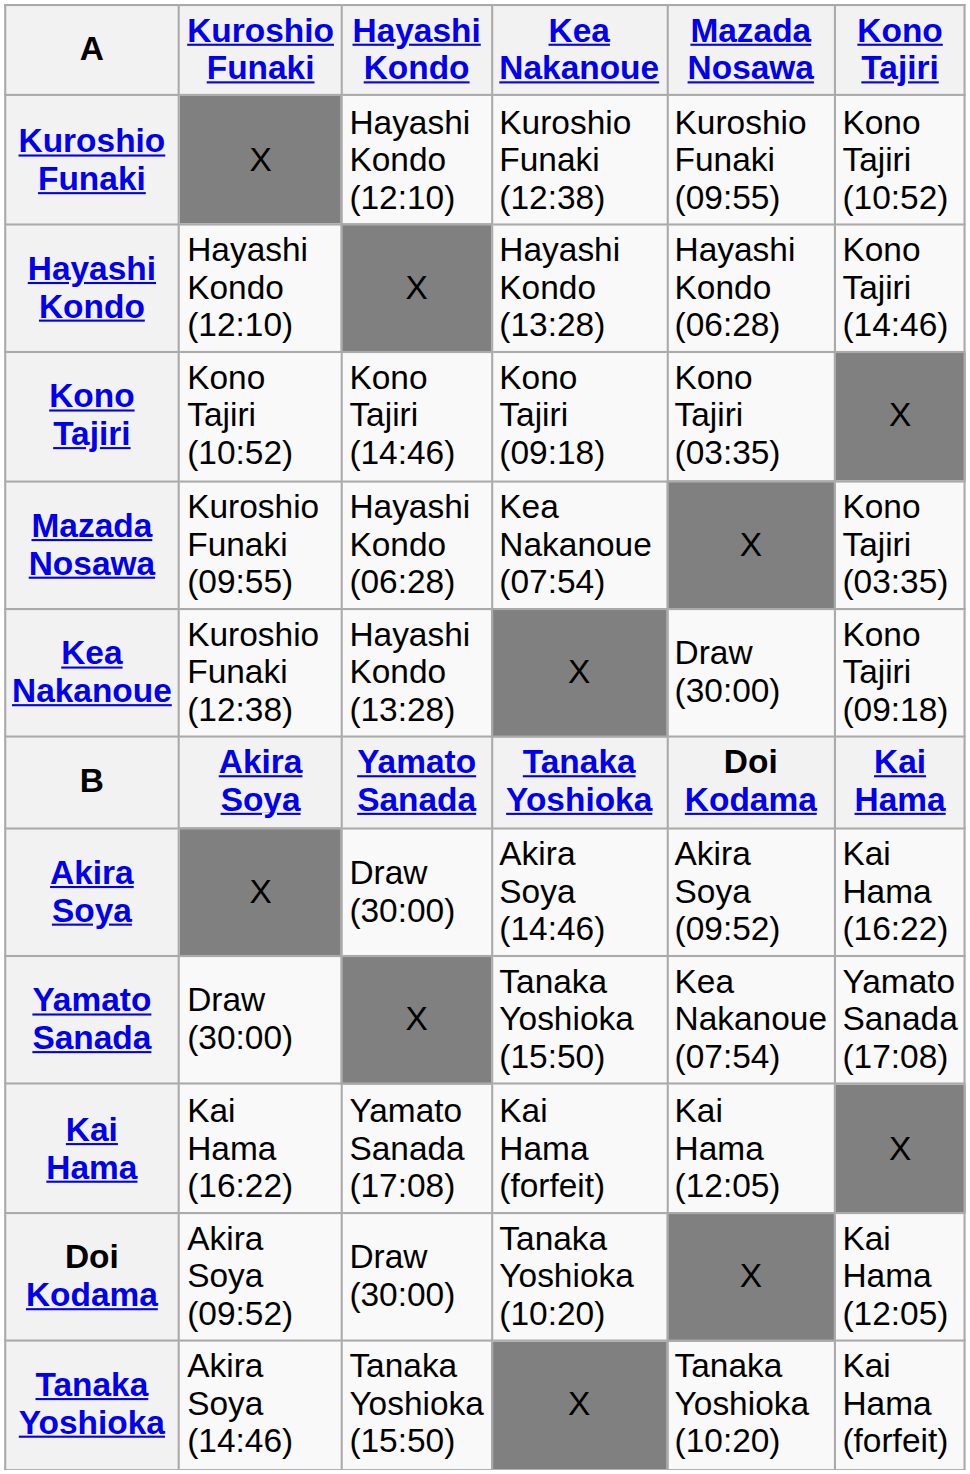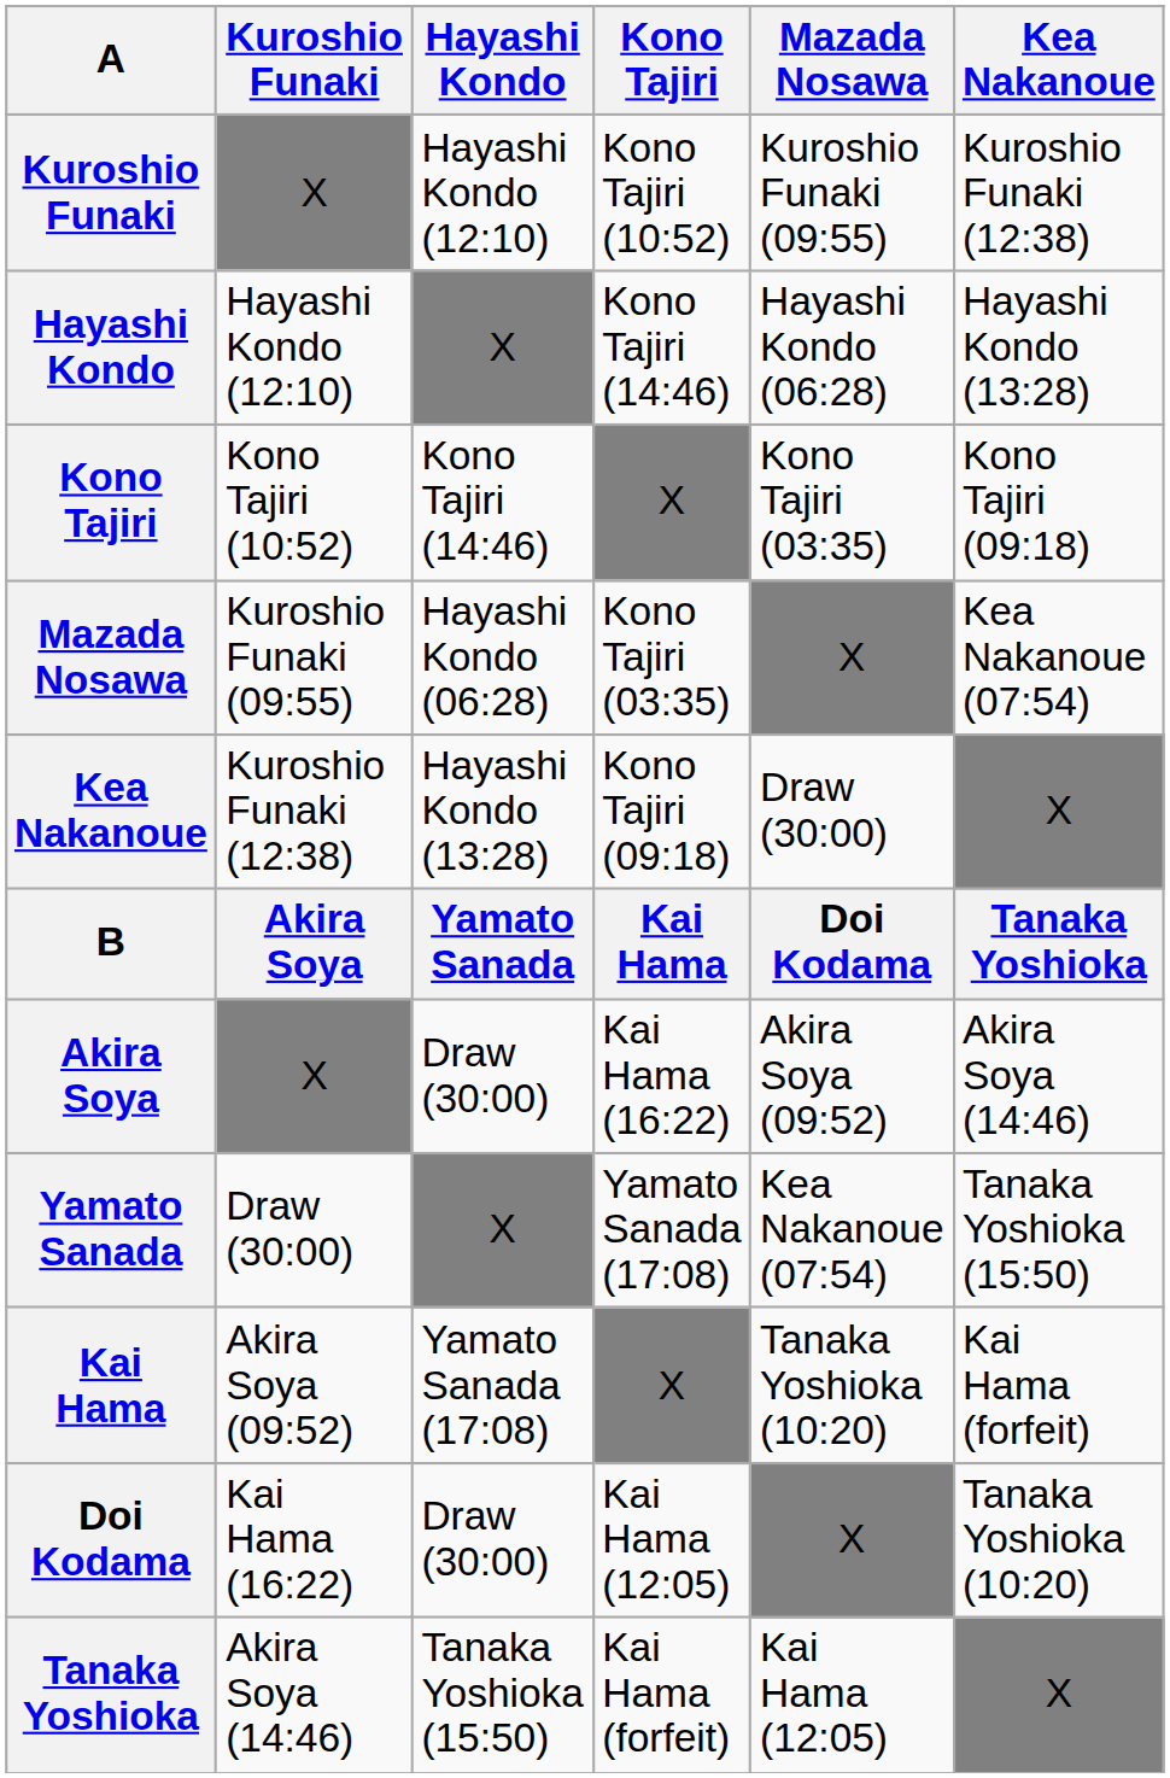 <table class="wikitable" align=center style="margin: 1em auto 1em auto">
 <tr>
 <th>A</th>
 <th><a href='#'>Kuroshio</a><br><a href='#'>Funaki</a></th>
 <th><a href='#'>Hayashi</a><br><a href='#'>Kondo</a></th>
+<th><a href='#'>Kono</a><br><a href='#'>Tajiri</a></th>
+<th><a href='#'>Mazada</a><br><a href='#'>Nosawa</a></th>
 <th><a href='#'>Kea</a><br><a href='#'>Nakanoue</a></th>
-<th><a href='#'>Mazada</a><br><a href='#'>Nosawa</a></th>
-<th><a href='#'>Kono</a><br><a href='#'>Tajiri</a></th>
 </tr>
 <tr>
 <th><a href='#'>Kuroshio</a><br><a href='#'>Funaki</a></th>
 <td bgcolor=grey align="center">X</td>
 <td>Hayashi<br>Kondo<br>(12:10)</td>
+<td>Kono<br>Tajiri<br>(10:52)</td>
+<td>Kuroshio<br>Funaki<br>(09:55)</td>
 <td>Kuroshio<br>Funaki<br>(12:38)</td>
-<td>Kuroshio<br>Funaki<br>(09:55)</td>
-<td>Kono<br>Tajiri<br>(10:52)</td>
 </tr>
 <tr>
 <th><a href='#'>Hayashi</a><br><a href='#'>Kondo</a></th>
 <td>Hayashi<br>Kondo<br>(12:10)</td>
 <td bgcolor=grey align="center">X</td>
+<td>Kono<br>Tajiri<br>(14:46)</td>
+<td>Hayashi<br>Kondo<br>(06:28)</td>
 <td>Hayashi<br>Kondo<br>(13:28)</td>
-<td>Hayashi<br>Kondo<br>(06:28)</td>
-<td>Kono<br>Tajiri<br>(14:46)</td>
 </tr>
 <tr>
 <th><a href='#'>Kono</a><br><a href='#'>Tajiri</a></th>
 <td>Kono<br>Tajiri<br>(10:52)</td>
 <td>Kono<br>Tajiri<br>(14:46)</td>
+<td bgcolor=grey align="center">X</td>
+<td>Kono<br>Tajiri<br>(03:35)</td>
 <td>Kono<br>Tajiri<br>(09:18)</td>
-<td>Kono<br>Tajiri<br>(03:35)</td>
-<td bgcolor=grey align="center">X</td>
 </tr>
 <tr>
 <th><a href='#'>Mazada</a><br><a href='#'>Nosawa</a></th>
 <td>Kuroshio<br>Funaki<br>(09:55)</td>
 <td>Hayashi<br>Kondo<br>(06:28)</td>
+<td>Kono<br>Tajiri<br>(03:35)</td>
+<td bgcolor=grey align="center">X</td>
 <td>Kea<br>Nakanoue<br>(07:54)</td>
-<td bgcolor=grey align="center">X</td>
-<td>Kono<br>Tajiri<br>(03:35)</td>
 </tr>
 <tr>
 <th><a href='#'>Kea</a><br><a href='#'>Nakanoue</a></th>
 <td>Kuroshio<br>Funaki<br>(12:38)</td>
 <td>Hayashi<br>Kondo<br>(13:28)</td>
+<td>Kono<br>Tajiri<br>(09:18)</td>
+<td>Draw<br>(30:00)</td>
 <td bgcolor=grey align="center">X</td>
-<td>Draw<br>(30:00)</td>
-<td>Kono<br>Tajiri<br>(09:18)</td>
 </tr>
 <tr>
 <th>B</th>
 <th><a href='#'>Akira</a><br><a href='#'>Soya</a></th>
 <th><a href='#'>Yamato</a><br><a href='#'>Sanada</a></th>
+<th><a href='#'>Kai</a><br><a href='#'>Hama</a></th>
+<th>Doi<br><a href='#'>Kodama</a></th>
 <th><a href='#'>Tanaka</a><br><a href='#'>Yoshioka</a></th>
-<th>Doi<br><a href='#'>Kodama</a></th>
-<th><a href='#'>Kai</a><br><a href='#'>Hama</a></th>
 </tr>
 <tr>
 <th><a href='#'>Akira</a><br><a href='#'>Soya</a></th>
 <td bgcolor=grey align="center">X</td>
 <td>Draw<br>(30:00)</td>
+<td>Kai<br>Hama<br>(16:22)</td>
+<td>Akira<br>Soya<br>(09:52)</td>
 <td>Akira<br>Soya<br>(14:46)</td>
-<td>Akira<br>Soya<br>(09:52)</td>
-<td>Kai<br>Hama<br>(16:22)</td>
 </tr>
 <tr>
 <th><a href='#'>Yamato</a><br><a href='#'>Sanada</a></th>
 <td>Draw<br>(30:00)</td>
 <td bgcolor=grey align="center">X</td>
+<td>Yamato<br>Sanada<br>(17:08)</td>
+<td>Kea<br>Nakanoue<br>(07:54)</td>
 <td>Tanaka<br>Yoshioka<br>(15:50)</td>
-<td>Kea<br>Nakanoue<br>(07:54)</td>
-<td>Yamato<br>Sanada<br>(17:08)</td>
 </tr>
 <tr>
 <th><a href='#'>Kai</a><br><a href='#'>Hama</a></th>
-<td>Kai<br>Hama<br>(16:22)</td>
+<td>Akira<br>Soya<br>(09:52)</td>
 <td>Yamato<br>Sanada<br>(17:08)</td>
+<td bgcolor=grey align="center">X</td>
+<td>Tanaka<br>Yoshioka<br>(10:20)</td>
 <td>Kai<br>Hama<br>(forfeit)</td>
-<td>Kai<br>Hama<br>(12:05)</td>
-<td bgcolor=grey align="center">X</td>
 </tr>
 <tr>
 <th>Doi<br><a href='#'>Kodama</a></th>
-<td>Akira<br>Soya<br>(09:52)</td>
+<td>Kai<br>Hama<br>(16:22)</td>
 <td>Draw<br>(30:00)</td>
+<td>Kai<br>Hama<br>(12:05)</td>
+<td bgcolor=grey align="center">X</td>
 <td>Tanaka<br>Yoshioka<br>(10:20)</td>
-<td bgcolor=grey align="center">X</td>
-<td>Kai<br>Hama<br>(12:05)</td>
 </tr>
 <tr>
 <th><a href='#'>Tanaka</a><br><a href='#'>Yoshioka</a></th>
 <td>Akira<br>Soya<br>(14:46)</td>
 <td>Tanaka<br>Yoshioka<br>(15:50)</td>
+<td>Kai<br>Hama<br>(forfeit)</td>
+<td>Kai<br>Hama<br>(12:05)</td>
 <td bgcolor=grey align="center">X</td>
-<td>Tanaka<br>Yoshioka<br>(10:20)</td>
-<td>Kai<br>Hama<br>(forfeit)</td>
 </tr>
 </table>
